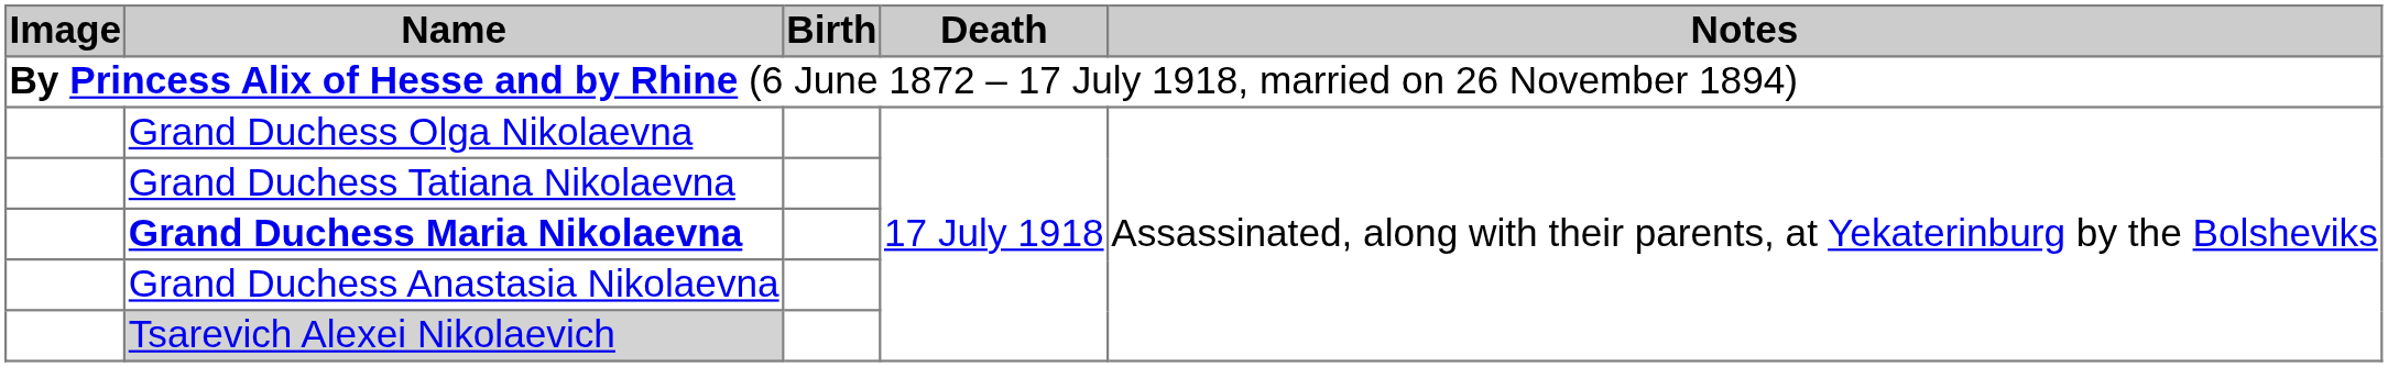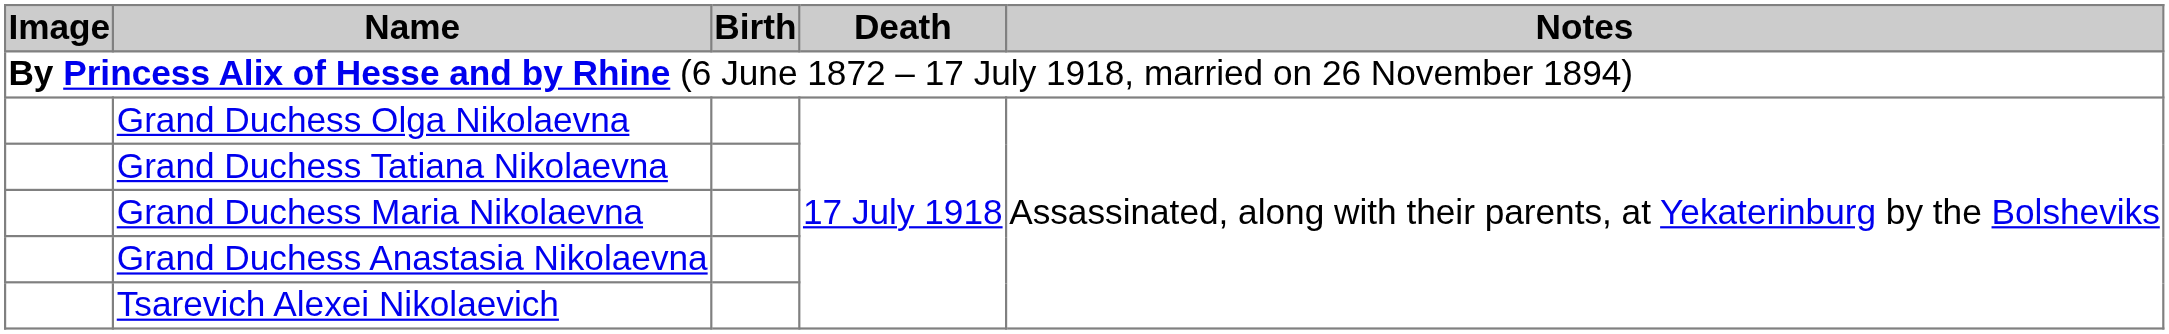 <table border=1 style="border-collapse: collapse;">
 <tr style="background:#ccc;">
 <th>Image</th>
 <th>Name</th>
 <th>Birth</th>
 <th>Death</th>
 <th>Notes</th>
 </tr>
 <tr>
 <td colspan=5><strong>By <a href='#'>Princess Alix of Hesse and by Rhine</a></strong> (6 June 1872 – 17 July 1918, married on 26 November 1894)</td>
 </tr>
 <tr>
 <td style="text-align:center;"></td>
 <td><a href='#'>Grand Duchess Olga Nikolaevna</a></td>
 <td></td>
 <td rowspan="5"><a href='#'>17 July 1918</a></td>
 <td rowspan="5">Assassinated, along with their parents, at <a href='#'>Yekaterinburg</a> by the <a href='#'>Bolsheviks</a></td>
 </tr>
 <tr>
 <td style="text-align:center;"></td>
 <td><a href='#'>Grand Duchess Tatiana Nikolaevna</a></td>
 <td></td>
 </tr>
 <tr>
 <td style="text-align:center;"></td>
-<td><strong><a href='#'>Grand Duchess Maria Nikolaevna</a></strong></td>
+<td><a href='#'>Grand Duchess Maria Nikolaevna</a></td>
 <td></td>
 </tr>
 <tr>
 <td style="text-align:center;"></td>
 <td><a href='#'>Grand Duchess Anastasia Nikolaevna</a></td>
 <td></td>
 </tr>
 <tr>
 <td style="text-align:center;"></td>
-<td style="background: lightgrey;"><a href='#'>Tsarevich Alexei Nikolaevich</a></td>
+<td><a href='#'>Tsarevich Alexei Nikolaevich</a></td>
 <td></td>
 </tr>
 </table>
